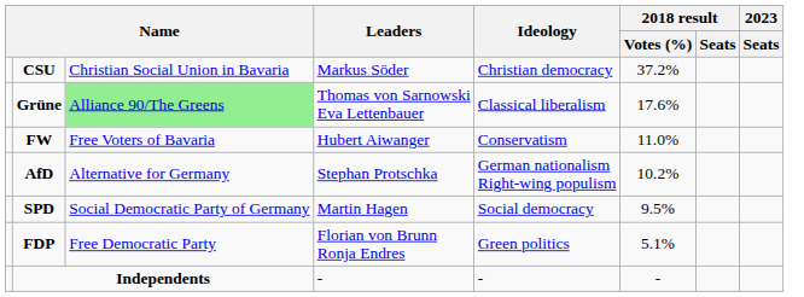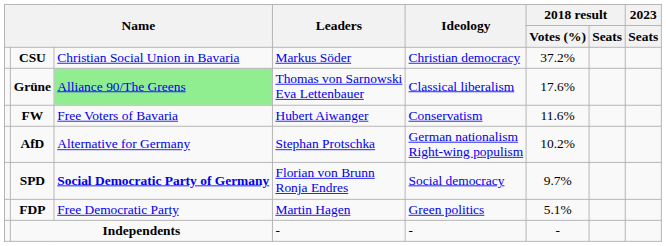 <table class="wikitable">
 <tr>
 <th rowspan=2 colspan=3>Name</th>
 <th rowspan="2">Leaders</th>
 <th rowspan="2">Ideology</th>
 <th colspan=2>2018 result</th>
 <th colspan=2>2023</th>
 </tr>
 <tr>
 <th>Votes (%)</th>
 <th>Seats</th>
 <th>Seats</th>
 </tr>
 <tr>
 <td></td>
 <td align=center><strong>CSU</strong></td>
 <td><a href='#'>Christian Social Union in Bavaria</a><br></td>
 <td><a href='#'>Markus Söder</a></td>
 <td><a href='#'>Christian democracy</a></td>
 <td align=center>37.2%</td>
 <td></td>
 <td></td>
 </tr>
 <tr>
 <td></td>
 <td align=center><strong>Grüne</strong></td>
 <td style="background: lightgreen;"><a href='#'>Alliance 90/The Greens</a><br></td>
 <td><a href='#'>Thomas von Sarnowski</a><br><a href='#'>Eva Lettenbauer</a></td>
 <td><a href='#'>Classical liberalism</a></td>
 <td align=center>17.6%</td>
 <td></td>
 <td></td>
 </tr>
 <tr>
 <td></td>
 <td align=center><strong>FW</strong></td>
 <td><a href='#'>Free Voters of Bavaria</a><br></td>
 <td><a href='#'>Hubert Aiwanger</a></td>
 <td><a href='#'>Conservatism</a></td>
-<td align=center>11.0%</td>
+<td align=center>11.6%</td>
 <td></td>
 <td></td>
 </tr>
 <tr>
 <td></td>
 <td align=center><strong>AfD</strong></td>
 <td><a href='#'>Alternative for Germany</a><br></td>
 <td><a href='#'>Stephan Protschka</a></td>
 <td><a href='#'>German nationalism</a><br><a href='#'>Right-wing populism</a></td>
 <td align=center>10.2%</td>
 <td></td>
 <td></td>
 </tr>
 <tr>
 <td></td>
 <td align=center><strong>SPD</strong></td>
-<td><a href='#'>Social Democratic Party of Germany</a><br></td>
-<td><a href='#'>Martin Hagen</a></td>
+<td><strong><a href='#'>Social Democratic Party of Germany</a><br></strong></td>
+<td><a href='#'>Florian von Brunn</a><br><a href='#'>Ronja Endres</a></td>
 <td><a href='#'>Social democracy</a></td>
-<td align=center>9.5%</td>
+<td align=center>9.7%</td>
 <td></td>
 <td></td>
 </tr>
 <tr>
 <td></td>
 <td align=center><strong>FDP</strong></td>
 <td><a href='#'>Free Democratic Party</a><br></td>
-<td><a href='#'>Florian von Brunn</a><br><a href='#'>Ronja Endres</a></td>
+<td><a href='#'>Martin Hagen</a></td>
 <td><a href='#'>Green politics</a></td>
 <td align=center>5.1%</td>
 <td></td>
 <td></td>
 </tr>
 <tr>
 <td></td>
 <td colspan="2" align=center><strong>Independents</strong></td>
 <td>-</td>
 <td>-</td>
 <td align=center>-</td>
 <td></td>
 <td></td>
 </tr>
 </table>
